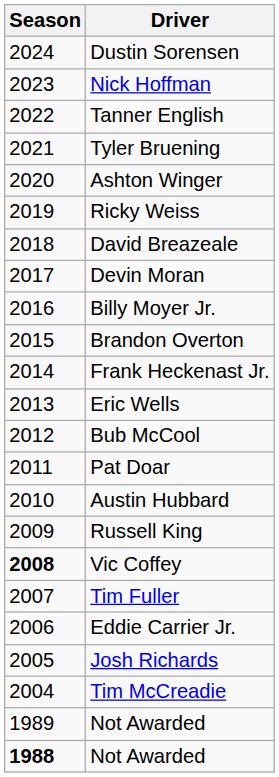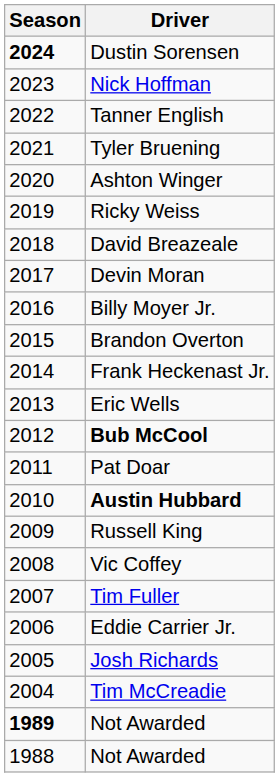 <table class="wikitable">
 <tr>
 <th>Season</th>
 <th>Driver</th>
 </tr>
 <tr>
-<td>2024</td>
+<td><strong>2024</strong></td>
 <td>Dustin Sorensen</td>
 </tr>
 <tr>
 <td>2023</td>
 <td><a href='#'>Nick Hoffman</a></td>
 </tr>
 <tr>
 <td>2022</td>
 <td>Tanner English</td>
 </tr>
 <tr>
 <td>2021</td>
 <td>Tyler Bruening</td>
 </tr>
 <tr>
 <td>2020</td>
 <td>Ashton Winger</td>
 </tr>
 <tr>
 <td>2019</td>
 <td>Ricky Weiss</td>
 </tr>
 <tr>
 <td>2018</td>
 <td>David Breazeale</td>
 </tr>
 <tr>
 <td>2017</td>
 <td>Devin Moran</td>
 </tr>
 <tr>
 <td>2016</td>
 <td>Billy Moyer Jr.</td>
 </tr>
 <tr>
 <td>2015</td>
 <td>Brandon Overton</td>
 </tr>
 <tr>
 <td>2014</td>
 <td>Frank Heckenast Jr.</td>
 </tr>
 <tr>
 <td>2013</td>
 <td>Eric Wells</td>
 </tr>
 <tr>
 <td>2012</td>
-<td>Bub McCool</td>
+<td><strong>Bub McCool</strong></td>
 </tr>
 <tr>
 <td>2011</td>
 <td>Pat Doar</td>
 </tr>
 <tr>
 <td>2010</td>
-<td>Austin Hubbard</td>
+<td><strong>Austin Hubbard</strong></td>
 </tr>
 <tr>
 <td>2009</td>
 <td>Russell King</td>
 </tr>
 <tr>
-<td><strong>2008</strong></td>
+<td>2008</td>
 <td>Vic Coffey</td>
 </tr>
 <tr>
 <td>2007</td>
 <td><a href='#'>Tim Fuller</a></td>
 </tr>
 <tr>
 <td>2006</td>
 <td>Eddie Carrier Jr.</td>
 </tr>
 <tr>
 <td>2005</td>
 <td><a href='#'>Josh Richards</a></td>
 </tr>
 <tr>
 <td>2004</td>
 <td><a href='#'>Tim McCreadie</a></td>
 </tr>
 <tr>
-<td>1989</td>
+<td><strong>1989</strong></td>
 <td>Not Awarded</td>
 </tr>
 <tr>
-<td><strong>1988</strong></td>
+<td>1988</td>
 <td>Not Awarded</td>
 </tr>
 </table>
